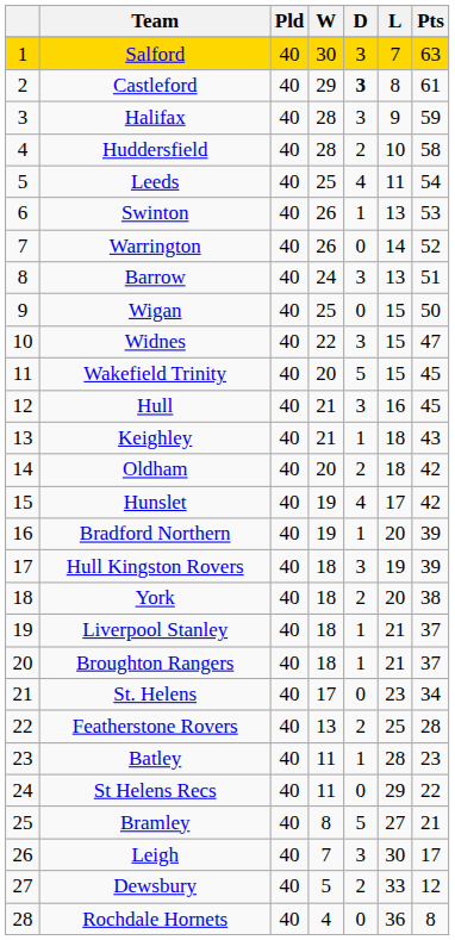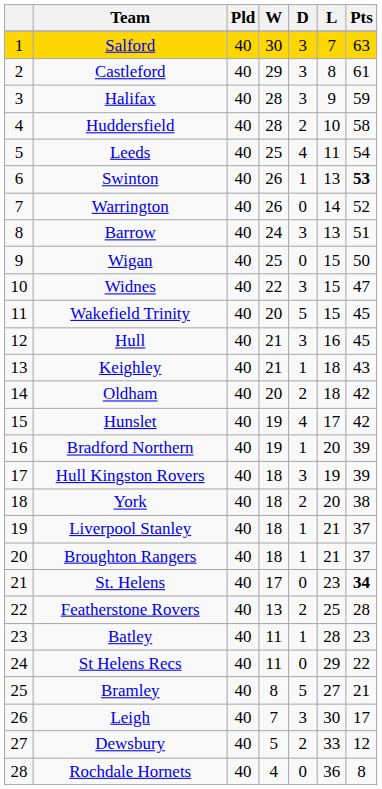 <table class="wikitable" style="text-align:center;">
 <tr>
 <th width=20 abbr="Position"></th>
 <th width=175>Team</th>
 <th width=20 abbr="Played">Pld</th>
 <th width=20 abbr="Won">W</th>
 <th width=20 abbr="Drawn">D</th>
 <th width=20 abbr="Lost">L</th>
 <th width=20 abbr="Points">Pts</th>
 </tr>
 <tr>
 </tr>
 <tr align=center style="background:#FFD700;">
 <td>1</td>
 <td><a href='#'>Salford</a></td>
 <td>40</td>
 <td>30</td>
 <td>3</td>
 <td>7</td>
 <td>63</td>
 </tr>
 <tr align=center style="background:">
 <td>2</td>
 <td><a href='#'>Castleford</a></td>
 <td>40</td>
 <td>29</td>
-<td><strong>3</strong></td>
+<td>3</td>
 <td>8</td>
 <td>61</td>
 </tr>
 <tr align=center style="background:">
 <td>3</td>
 <td><a href='#'>Halifax</a></td>
 <td>40</td>
 <td>28</td>
 <td>3</td>
 <td>9</td>
 <td>59</td>
 </tr>
 <tr align=center style="background:">
 <td>4</td>
 <td><a href='#'>Huddersfield</a></td>
 <td>40</td>
 <td>28</td>
 <td>2</td>
 <td>10</td>
 <td>58</td>
 </tr>
 <tr align=center style="background:">
 <td>5</td>
 <td><a href='#'>Leeds</a></td>
 <td>40</td>
 <td>25</td>
 <td>4</td>
 <td>11</td>
 <td>54</td>
 </tr>
 <tr align=center style="background:">
 <td>6</td>
 <td><a href='#'>Swinton</a></td>
 <td>40</td>
 <td>26</td>
 <td>1</td>
 <td>13</td>
-<td>53</td>
+<td><strong>53</strong></td>
 </tr>
 <tr align=center style="background:">
 <td>7</td>
 <td><a href='#'>Warrington</a></td>
 <td>40</td>
 <td>26</td>
 <td>0</td>
 <td>14</td>
 <td>52</td>
 </tr>
 <tr align=center style="background:">
 <td>8</td>
 <td><a href='#'>Barrow</a></td>
 <td>40</td>
 <td>24</td>
 <td>3</td>
 <td>13</td>
 <td>51</td>
 </tr>
 <tr align=center style="background:">
 <td>9</td>
 <td><a href='#'>Wigan</a></td>
 <td>40</td>
 <td>25</td>
 <td>0</td>
 <td>15</td>
 <td>50</td>
 </tr>
 <tr align=center style="background:">
 <td>10</td>
 <td><a href='#'>Widnes</a></td>
 <td>40</td>
 <td>22</td>
 <td>3</td>
 <td>15</td>
 <td>47</td>
 </tr>
 <tr align=center style="background:">
 <td>11</td>
 <td><a href='#'>Wakefield Trinity</a></td>
 <td>40</td>
 <td>20</td>
 <td>5</td>
 <td>15</td>
 <td>45</td>
 </tr>
 <tr align=center style="background:">
 <td>12</td>
 <td><a href='#'>Hull</a></td>
 <td>40</td>
 <td>21</td>
 <td>3</td>
 <td>16</td>
 <td>45</td>
 </tr>
 <tr align=center style="background:">
 <td>13</td>
 <td><a href='#'>Keighley</a></td>
 <td>40</td>
 <td>21</td>
 <td>1</td>
 <td>18</td>
 <td>43</td>
 </tr>
 <tr align=center style="background:">
 <td>14</td>
 <td><a href='#'>Oldham</a></td>
 <td>40</td>
 <td>20</td>
 <td>2</td>
 <td>18</td>
 <td>42</td>
 </tr>
 <tr align=center style="background:">
 <td>15</td>
 <td><a href='#'>Hunslet</a></td>
 <td>40</td>
 <td>19</td>
 <td>4</td>
 <td>17</td>
 <td>42</td>
 </tr>
 <tr align=center style="background:">
 <td>16</td>
 <td><a href='#'>Bradford Northern</a></td>
 <td>40</td>
 <td>19</td>
 <td>1</td>
 <td>20</td>
 <td>39</td>
 </tr>
 <tr align=center style="background:">
 <td>17</td>
 <td><a href='#'>Hull Kingston Rovers</a></td>
 <td>40</td>
 <td>18</td>
 <td>3</td>
 <td>19</td>
 <td>39</td>
 </tr>
 <tr align=center style="background:">
 <td>18</td>
 <td><a href='#'>York</a></td>
 <td>40</td>
 <td>18</td>
 <td>2</td>
 <td>20</td>
 <td>38</td>
 </tr>
 <tr align=center style="background:">
 <td>19</td>
 <td><a href='#'>Liverpool Stanley</a></td>
 <td>40</td>
 <td>18</td>
 <td>1</td>
 <td>21</td>
 <td>37</td>
 </tr>
 <tr align=center style="background:">
 <td>20</td>
 <td><a href='#'>Broughton Rangers</a></td>
 <td>40</td>
 <td>18</td>
 <td>1</td>
 <td>21</td>
 <td>37</td>
 </tr>
 <tr align=center style="background:">
 <td>21</td>
 <td><a href='#'>St. Helens</a></td>
 <td>40</td>
 <td>17</td>
 <td>0</td>
 <td>23</td>
-<td>34</td>
+<td><strong>34</strong></td>
 </tr>
 <tr align=center style="background:">
 <td>22</td>
 <td><a href='#'>Featherstone Rovers</a></td>
 <td>40</td>
 <td>13</td>
 <td>2</td>
 <td>25</td>
 <td>28</td>
 </tr>
 <tr align=center style="background:">
 <td>23</td>
 <td><a href='#'>Batley</a></td>
 <td>40</td>
 <td>11</td>
 <td>1</td>
 <td>28</td>
 <td>23</td>
 </tr>
 <tr align=center style="background:">
 <td>24</td>
 <td><a href='#'>St Helens Recs</a></td>
 <td>40</td>
 <td>11</td>
 <td>0</td>
 <td>29</td>
 <td>22</td>
 </tr>
 <tr align=center style="background:">
 <td>25</td>
 <td><a href='#'>Bramley</a></td>
 <td>40</td>
 <td>8</td>
 <td>5</td>
 <td>27</td>
 <td>21</td>
 </tr>
 <tr align=center style="background:">
 <td>26</td>
 <td><a href='#'>Leigh</a></td>
 <td>40</td>
 <td>7</td>
 <td>3</td>
 <td>30</td>
 <td>17</td>
 </tr>
 <tr align=center style="background:">
 <td>27</td>
 <td><a href='#'>Dewsbury</a></td>
 <td>40</td>
 <td>5</td>
 <td>2</td>
 <td>33</td>
 <td>12</td>
 </tr>
 <tr align=center style="background:">
 <td>28</td>
 <td><a href='#'>Rochdale Hornets</a></td>
 <td>40</td>
 <td>4</td>
 <td>0</td>
 <td>36</td>
 <td>8</td>
 </tr>
 <tr>
 </tr>
 </table>
